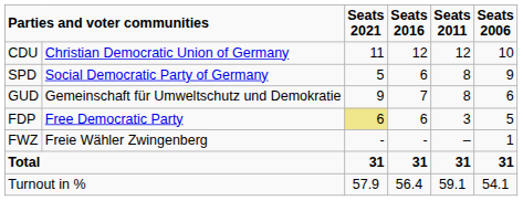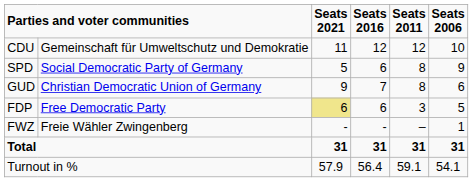 <table class="wikitable">
 <tr class="hintergrundfarbe5">
 <td colspan="2"><strong>Parties and voter communities</strong></td>
 <td align="center"><strong>Seats<br>2021</strong></td>
 <td align="center"><strong>Seats<br>2016</strong></td>
 <td align="center"><strong>Seats<br>2011</strong></td>
 <td align="center"><strong>Seats<br>2006</strong></td>
 </tr>
 <tr>
 <td>CDU</td>
-<td><a href='#'>Christian Democratic Union of Germany</a></td>
+<td>Gemeinschaft für Umweltschutz und Demokratie</td>
 <td align="right">11</td>
 <td align="right">12</td>
 <td align="right">12</td>
 <td align="right">10</td>
 </tr>
 <tr>
 <td>SPD</td>
 <td><a href='#'>Social Democratic Party of Germany</a></td>
 <td align="right">5</td>
 <td align="right">6</td>
 <td align="right">8</td>
 <td align="right">9</td>
 </tr>
 <tr>
 <td>GUD</td>
-<td>Gemeinschaft für Umweltschutz und Demokratie</td>
+<td><a href='#'>Christian Democratic Union of Germany</a></td>
 <td align="right">9</td>
 <td align="right">7</td>
 <td align="right">8</td>
 <td align="right">6</td>
 </tr>
 <tr>
 <td>FDP</td>
 <td><a href='#'>Free Democratic Party</a></td>
 <td align="right" style="background: khaki;">6</td>
 <td align="right">6</td>
 <td align="right">3</td>
 <td align="right">5</td>
 </tr>
 <tr>
 <td>FWZ</td>
 <td>Freie Wähler Zwingenberg</td>
 <td align="right">-</td>
 <td align="right">-</td>
 <td align="right">–</td>
 <td align="right">1</td>
 </tr>
 <tr class="hintergrundfarbe5">
 <td colspan="2"><strong>Total</strong></td>
 <td align="right"><strong>31</strong></td>
 <td align="right"><strong>31</strong></td>
 <td align="right"><strong>31</strong></td>
 <td align="right"><strong>31</strong></td>
 </tr>
 <tr class="hintergrundfarbe5">
 <td colspan="2">Turnout in %</td>
 <td align="center">57.9</td>
 <td align="center">56.4</td>
 <td align="center">59.1</td>
 <td align="center">54.1</td>
 </tr>
 </table>
